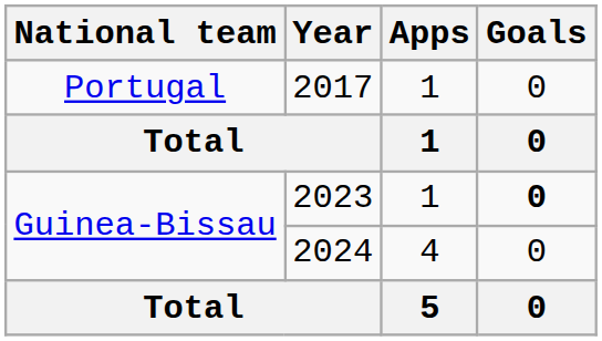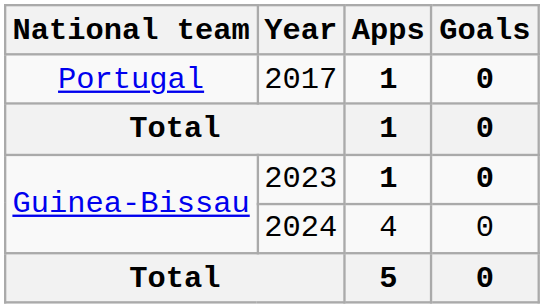 <table class="wikitable" style="text-align:center">
 <tr>
 <th>National team</th>
 <th>Year</th>
 <th>Apps</th>
 <th>Goals</th>
 </tr>
 <tr>
 <td rowspan="1"><a href='#'>Portugal</a></td>
 <td>2017</td>
-<td>1</td>
-<td>0</td>
+<td><strong>1</strong></td>
+<td><strong>0</strong></td>
 </tr>
 <tr>
 <th colspan="2">Total</th>
 <th>1</th>
 <th>0</th>
 </tr>
 <tr>
 <td rowspan="2"><a href='#'>Guinea-Bissau</a></td>
 <td>2023</td>
-<td>1</td>
+<td><strong>1</strong></td>
 <td><strong>0</strong></td>
 </tr>
 <tr>
 <td>2024</td>
 <td>4</td>
 <td>0</td>
 </tr>
 <tr>
 <th colspan="2">Total</th>
 <th>5</th>
 <th>0</th>
 </tr>
 </table>
